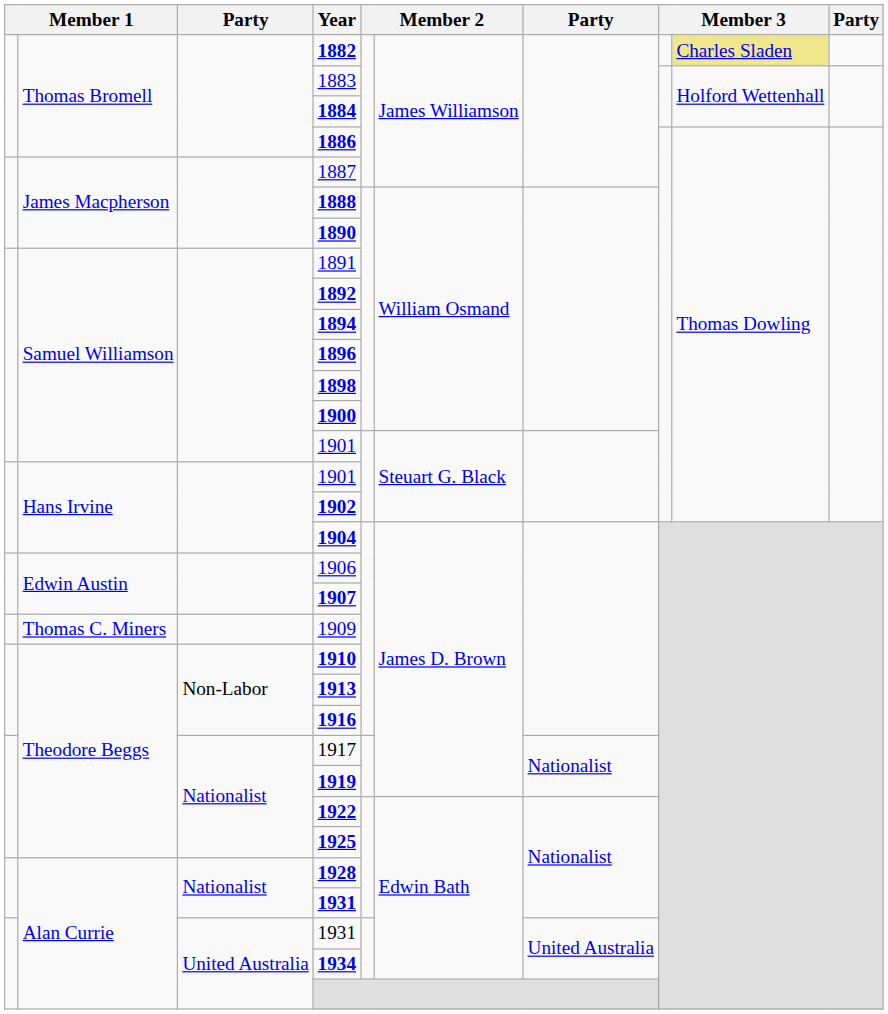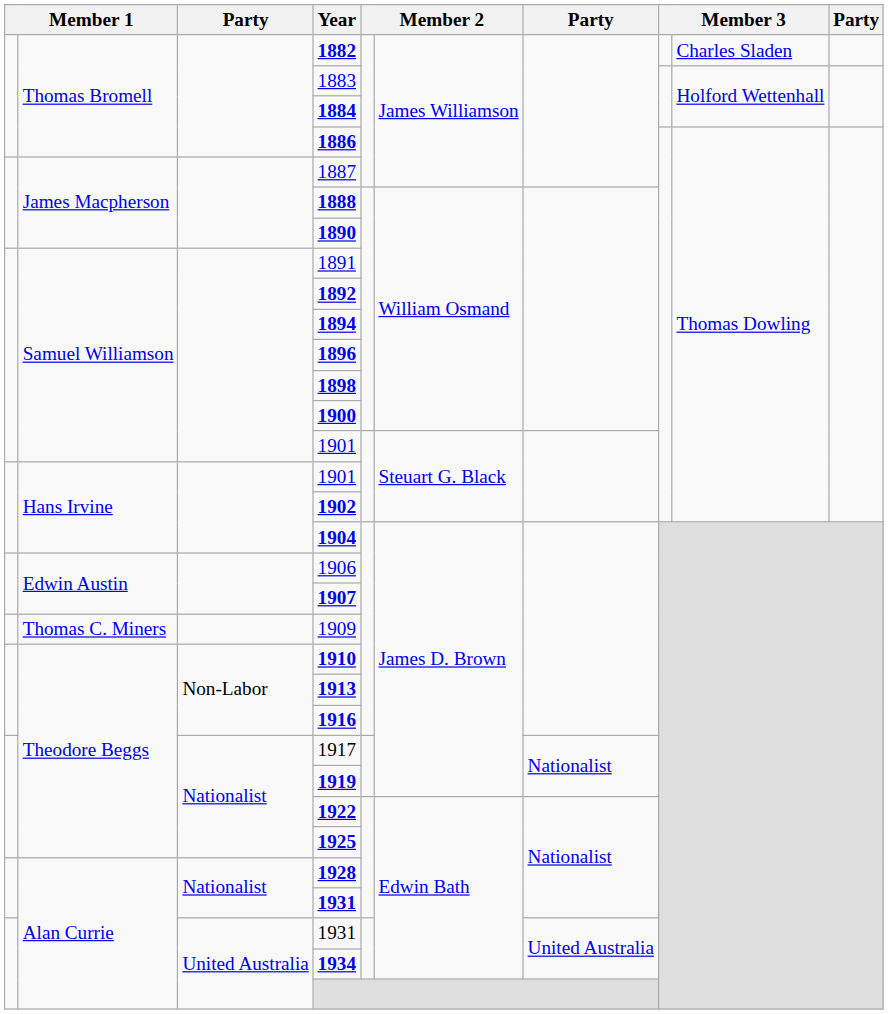 <table class="wikitable">
 <tr>
 <th colspan=2>Member 1</th>
 <th>Party</th>
 <th>Year</th>
 <th colspan=2>Member 2</th>
 <th>Party</th>
 <th colspan=2>Member 3</th>
 <th>Party</th>
 </tr>
 <tr>
 <td rowspan=4 > </td>
 <td rowspan=4><a href='#'>Thomas Bromell</a></td>
 <td rowspan=4> </td>
 <td><strong><a href='#'>1882</a></strong></td>
 <td rowspan=5 > </td>
 <td rowspan=5><a href='#'>James Williamson</a></td>
 <td rowspan=5> </td>
 <td> </td>
-<td style="background: khaki;"><a href='#'>Charles Sladen</a></td>
+<td><a href='#'>Charles Sladen</a></td>
 <td> </td>
 </tr>
 <tr>
 <td><a href='#'>1883</a></td>
 <td rowspan=2 > </td>
 <td rowspan=2><a href='#'>Holford Wettenhall</a></td>
 <td rowspan=2> </td>
 </tr>
 <tr>
 <td><strong><a href='#'>1884</a></strong></td>
 </tr>
 <tr>
 <td><strong><a href='#'>1886</a></strong></td>
 <td rowspan=13 > </td>
 <td rowspan=13><a href='#'>Thomas Dowling</a></td>
 <td rowspan=13> </td>
 </tr>
 <tr>
 <td rowspan=3 > </td>
 <td rowspan=3><a href='#'>James Macpherson</a></td>
 <td rowspan=3> </td>
 <td><a href='#'>1887</a></td>
 </tr>
 <tr>
 <td><strong><a href='#'>1888</a></strong></td>
 <td rowspan=8 > </td>
 <td rowspan=8><a href='#'>William Osmand</a></td>
 <td rowspan=8> </td>
 </tr>
 <tr>
 <td><strong><a href='#'>1890</a></strong></td>
 </tr>
 <tr>
 <td rowspan=7 > </td>
 <td rowspan=7><a href='#'>Samuel Williamson</a></td>
 <td rowspan=7> </td>
 <td><a href='#'>1891</a></td>
 </tr>
 <tr>
 <td><strong><a href='#'>1892</a></strong></td>
 </tr>
 <tr>
 <td><strong><a href='#'>1894</a></strong></td>
 </tr>
 <tr>
 <td><strong><a href='#'>1896</a></strong></td>
 </tr>
 <tr>
 <td><strong><a href='#'>1898</a></strong></td>
 </tr>
 <tr>
 <td><strong><a href='#'>1900</a></strong></td>
 </tr>
 <tr>
 <td><a href='#'>1901</a></td>
 <td rowspan=3 > </td>
 <td rowspan=3><a href='#'>Steuart G. Black</a></td>
 <td rowspan=3> </td>
 </tr>
 <tr>
 <td rowspan=3 > </td>
 <td rowspan=3><a href='#'>Hans Irvine</a></td>
 <td rowspan=3> </td>
 <td><a href='#'>1901</a></td>
 </tr>
 <tr>
 <td><strong><a href='#'>1902</a></strong></td>
 </tr>
 <tr>
 <td><strong><a href='#'>1904</a></strong></td>
 <td rowspan=7 > </td>
 <td rowspan=9><a href='#'>James D. Brown</a></td>
 <td rowspan=7> </td>
 <td rowspan=16 colspan=3  bgcolor=#DFDFDF> </td>
 </tr>
 <tr>
 <td rowspan=2 > </td>
 <td rowspan=2><a href='#'>Edwin Austin</a></td>
 <td rowspan=2> </td>
 <td><a href='#'>1906</a></td>
 </tr>
 <tr>
 <td><strong><a href='#'>1907</a></strong></td>
 </tr>
 <tr>
 <td> </td>
 <td><a href='#'>Thomas C. Miners</a></td>
 <td> </td>
 <td><a href='#'>1909</a></td>
 </tr>
 <tr>
 <td rowspan=3 > </td>
 <td rowspan=7><a href='#'>Theodore Beggs</a></td>
 <td rowspan=3>Non-Labor</td>
 <td><strong><a href='#'>1910</a></strong></td>
 </tr>
 <tr>
 <td><strong><a href='#'>1913</a></strong></td>
 </tr>
 <tr>
 <td><strong><a href='#'>1916</a></strong></td>
 </tr>
 <tr>
 <td rowspan=4 > </td>
 <td rowspan=4><a href='#'>Nationalist</a></td>
 <td>1917</td>
 <td rowspan=2 > </td>
 <td rowspan=2><a href='#'>Nationalist</a></td>
 </tr>
 <tr>
 <td><strong><a href='#'>1919</a></strong></td>
 </tr>
 <tr>
 <td><strong><a href='#'>1922</a></strong></td>
 <td rowspan=4 > </td>
 <td rowspan=6><a href='#'>Edwin Bath</a></td>
 <td rowspan=4><a href='#'>Nationalist</a></td>
 </tr>
 <tr>
 <td><strong><a href='#'>1925</a></strong></td>
 </tr>
 <tr>
 <td rowspan=2 > </td>
 <td rowspan=5><a href='#'>Alan Currie</a></td>
 <td rowspan=2><a href='#'>Nationalist</a></td>
 <td><strong><a href='#'>1928</a></strong></td>
 </tr>
 <tr>
 <td><strong><a href='#'>1931</a></strong></td>
 </tr>
 <tr>
 <td rowspan=3 > </td>
 <td rowspan=3><a href='#'>United Australia</a></td>
 <td>1931</td>
 <td rowspan=2 > </td>
 <td rowspan=2><a href='#'>United Australia</a></td>
 </tr>
 <tr>
 <td><strong><a href='#'>1934</a></strong></td>
 </tr>
 <tr>
 <td colspan=4  bgcolor=#DFDFDF> </td>
 </tr>
 </table>
